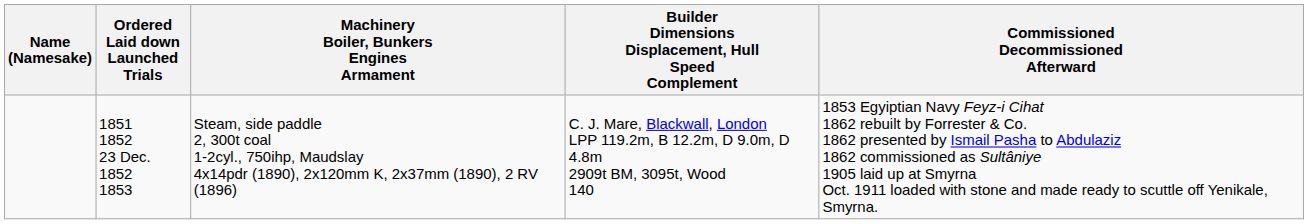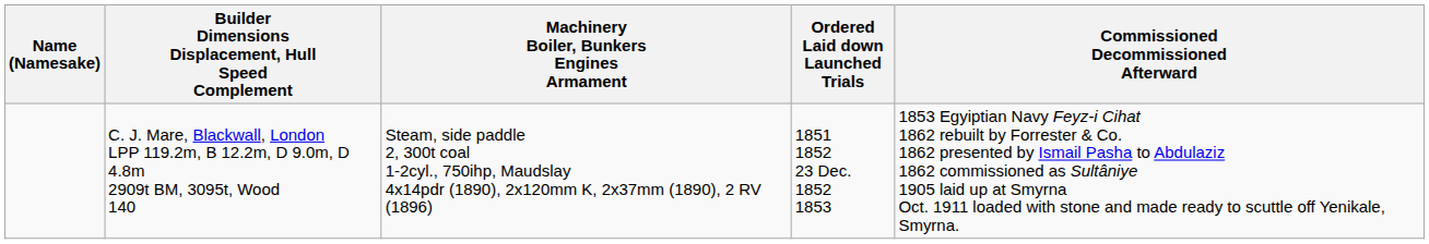 <table class="wikitable" style="font-size:90%;">
 <tr bgcolor="#e6e9ff">
 <th>Name<br>(Namesake)</th>
+<th>Builder<br>Dimensions<br>Displacement, Hull<br>Speed<br>Complement</th>
+<th>Machinery<br>Boiler, Bunkers<br>Engines<br>Armament</th>
 <th>Ordered<br>Laid down<br>Launched<br>Trials</th>
-<th>Machinery<br>Boiler, Bunkers<br>Engines<br>Armament</th>
-<th>Builder<br>Dimensions<br>Displacement, Hull<br>Speed<br>Complement</th>
 <th>Commissioned<br>Decommissioned<br>Afterward</th>
 </tr>
 <tr ---->
 <td></td>
+<td> C. J. Mare, <a href='#'>Blackwall</a>, <a href='#'>London</a><br>LPP 119.2m, B 12.2m, D 9.0m, D 4.8m<br>2909t BM, 3095t, Wood<br>140</td>
+<td>Steam, side paddle<br>2, 300t coal<br>1-2cyl., 750ihp, Maudslay<br>4x14pdr (1890), 2x120mm K, 2x37mm (1890), 2 RV (1896)</td>
 <td>1851<br>1852<br>23 Dec. 1852<br>1853</td>
-<td>Steam, side paddle<br>2, 300t coal<br>1-2cyl., 750ihp, Maudslay<br>4x14pdr (1890), 2x120mm K, 2x37mm (1890), 2 RV (1896)</td>
-<td> C. J. Mare, <a href='#'>Blackwall</a>, <a href='#'>London</a><br>LPP 119.2m, B 12.2m, D 9.0m, D 4.8m<br>2909t BM, 3095t, Wood<br>140</td>
 <td>1853 Egyiptian Navy <em>Feyz-i Cihat</em><br>1862 rebuilt by Forrester & Co.<br>1862 presented by <a href='#'>Ismail Pasha</a> to <a href='#'>Abdulaziz</a><br>1862 commissioned as <em>Sultâniye</em><br>1905 laid up at Smyrna<br>Oct. 1911 loaded with stone and made ready to scuttle off Yenikale, Smyrna.</td>
 </tr>
 </table>
